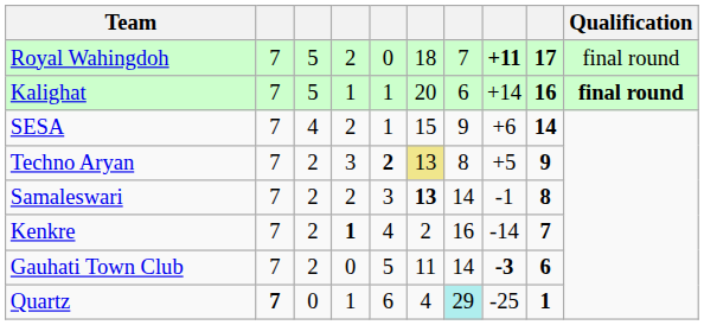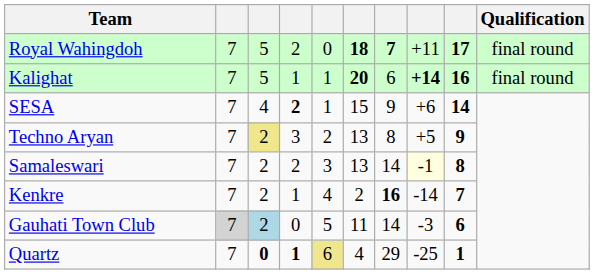 <table class="wikitable" style="text-align:center">
 <tr>
 <th width="175">Team</th>
 <th width="20"></th>
 <th width="20"></th>
 <th width="20"></th>
 <th width="20"></th>
 <th width="20"></th>
 <th width="20"></th>
 <th width="20"></th>
 <th width="20"></th>
 <th width="20">Qualification</th>
 </tr>
 <tr bgcolor="#ccffcc">
 <td align=left><a href='#'>Royal Wahingdoh</a></td>
 <td>7</td>
 <td>5</td>
 <td>2</td>
 <td>0</td>
-<td>18</td>
-<td>7</td>
-<td><strong>+11</strong></td>
+<td><strong>18</strong></td>
+<td><strong>7</strong></td>
+<td>+11</td>
 <td><strong>17</strong></td>
 <td>final round</td>
 </tr>
 <tr bgcolor="#ccffcc">
 <td align=left><a href='#'>Kalighat</a></td>
 <td>7</td>
 <td>5</td>
 <td>1</td>
 <td>1</td>
-<td>20</td>
+<td><strong>20</strong></td>
 <td>6</td>
-<td>+14</td>
+<td><strong>+14</strong></td>
 <td><strong>16</strong></td>
-<td><strong>final round</strong></td>
+<td>final round</td>
 </tr>
 <tr>
 <td align=left><a href='#'>SESA</a></td>
 <td>7</td>
 <td>4</td>
-<td>2</td>
+<td><strong>2</strong></td>
 <td>1</td>
 <td>15</td>
 <td>9</td>
 <td>+6</td>
 <td><strong>14</strong></td>
 </tr>
 <tr>
 <td align=left><a href='#'>Techno Aryan</a></td>
 <td>7</td>
+<td style="background: khaki;">2</td>
+<td>3</td>
 <td>2</td>
-<td>3</td>
-<td><strong>2</strong></td>
-<td style="background: khaki;">13</td>
+<td>13</td>
 <td>8</td>
 <td>+5</td>
 <td><strong>9</strong></td>
 </tr>
 <tr>
 <td align=left><a href='#'>Samaleswari</a></td>
 <td>7</td>
 <td>2</td>
 <td>2</td>
 <td>3</td>
-<td><strong>13</strong></td>
+<td>13</td>
 <td>14</td>
-<td>-1</td>
+<td style="background: lightyellow;">-1</td>
 <td><strong>8</strong></td>
 </tr>
 <tr>
 <td align=left><a href='#'>Kenkre</a></td>
 <td>7</td>
 <td>2</td>
-<td><strong>1</strong></td>
+<td>1</td>
 <td>4</td>
 <td>2</td>
-<td>16</td>
+<td><strong>16</strong></td>
 <td>-14</td>
 <td><strong>7</strong></td>
 </tr>
 <tr>
 <td align=left><a href='#'>Gauhati Town Club</a></td>
-<td>7</td>
-<td>2</td>
+<td style="background: lightgrey;">7</td>
+<td style="background: lightblue;">2</td>
 <td>0</td>
 <td>5</td>
 <td>11</td>
 <td>14</td>
-<td><strong>-3</strong></td>
+<td>-3</td>
 <td><strong>6</strong></td>
 </tr>
 <tr>
 <td align=left><a href='#'>Quartz</a></td>
-<td><strong>7</strong></td>
-<td>0</td>
-<td>1</td>
-<td>6</td>
+<td>7</td>
+<td><strong>0</strong></td>
+<td><strong>1</strong></td>
+<td style="background: khaki;">6</td>
 <td>4</td>
-<td style="background: paleturquoise;">29</td>
+<td>29</td>
 <td>-25</td>
 <td><strong>1</strong></td>
 </tr>
 </table>
